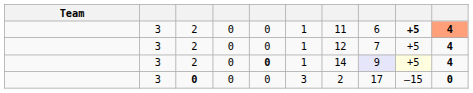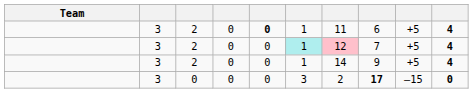 <table class="wikitable" style="text-align:center;">
 <tr>
 <th width=165>Team</th>
 <th width=40></th>
 <th width=40></th>
 <th width=40></th>
 <th width=40></th>
 <th width=40></th>
 <th width=40></th>
 <th width=40></th>
 <th width=40></th>
 <th width=40></th>
 </tr>
 <tr>
 <td style="text-align:left;"></td>
 <td>3</td>
 <td>2</td>
 <td>0</td>
-<td>0</td>
+<td><strong>0</strong></td>
 <td>1</td>
 <td>11</td>
 <td>6</td>
-<td><strong>+5</strong></td>
-<td style="background: lightsalmon;"><strong>4</strong></td>
+<td>+5</td>
+<td><strong>4</strong></td>
 </tr>
 <tr>
 <td style="text-align:left;"></td>
 <td>3</td>
 <td>2</td>
 <td>0</td>
 <td>0</td>
-<td>1</td>
-<td>12</td>
+<td style="background: paleturquoise;">1</td>
+<td style="background: pink;">12</td>
 <td>7</td>
 <td>+5</td>
 <td><strong>4</strong></td>
 </tr>
 <tr>
 <td style="text-align:left;"></td>
 <td>3</td>
 <td>2</td>
 <td>0</td>
-<td><strong>0</strong></td>
+<td>0</td>
 <td>1</td>
 <td>14</td>
-<td style="background: lavender;">9</td>
-<td style="background: lightyellow;">+5</td>
+<td>9</td>
+<td>+5</td>
 <td><strong>4</strong></td>
 </tr>
 <tr>
 <td style="text-align:left;"></td>
 <td>3</td>
-<td><strong>0</strong></td>
+<td>0</td>
 <td>0</td>
 <td>0</td>
 <td>3</td>
 <td>2</td>
-<td>17</td>
+<td><strong>17</strong></td>
 <td>–15</td>
 <td><strong>0</strong></td>
 </tr>
 </table>
